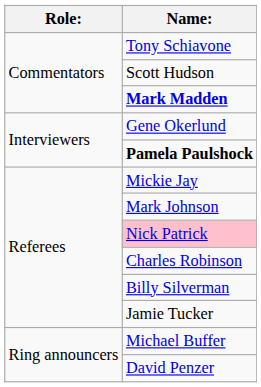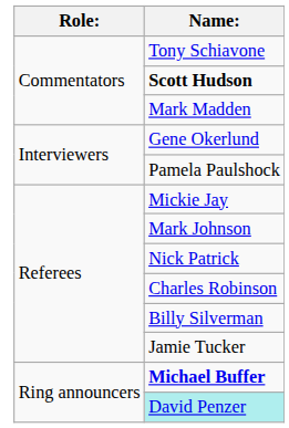 <table class=wikitable style="font-size:90%; margin: 0.5em 0 0.5em 1em; float: right; clear: right;">
 <tr>
 <th>Role:</th>
 <th>Name:</th>
 </tr>
 <tr>
 <td rowspan=3>Commentators</td>
 <td><a href='#'>Tony Schiavone</a></td>
 </tr>
 <tr>
-<td>Scott Hudson</td>
+<td><strong>Scott Hudson</strong></td>
 </tr>
 <tr>
-<td><strong><a href='#'>Mark Madden</a></strong></td>
+<td><a href='#'>Mark Madden</a></td>
 </tr>
 <tr>
 <td rowspan=2>Interviewers</td>
 <td><a href='#'>Gene Okerlund</a></td>
 </tr>
 <tr>
-<td><strong>Pamela Paulshock</strong></td>
+<td>Pamela Paulshock</td>
 </tr>
 <tr>
 <td rowspan=6>Referees</td>
 <td><a href='#'>Mickie Jay</a></td>
 </tr>
 <tr>
 <td><a href='#'>Mark Johnson</a></td>
 </tr>
 <tr>
-<td style="background: pink;"><a href='#'>Nick Patrick</a></td>
+<td><a href='#'>Nick Patrick</a></td>
 </tr>
 <tr>
 <td><a href='#'>Charles Robinson</a></td>
 </tr>
 <tr>
 <td><a href='#'>Billy Silverman</a></td>
 </tr>
 <tr>
 <td>Jamie Tucker</td>
 </tr>
 <tr>
 <td rowspan=2>Ring announcers</td>
-<td><a href='#'>Michael Buffer</a></td>
+<td><strong><a href='#'>Michael Buffer</a></strong></td>
 </tr>
 <tr>
-<td><a href='#'>David Penzer</a></td>
+<td style="background: paleturquoise;"><a href='#'>David Penzer</a></td>
 </tr>
 </table>
